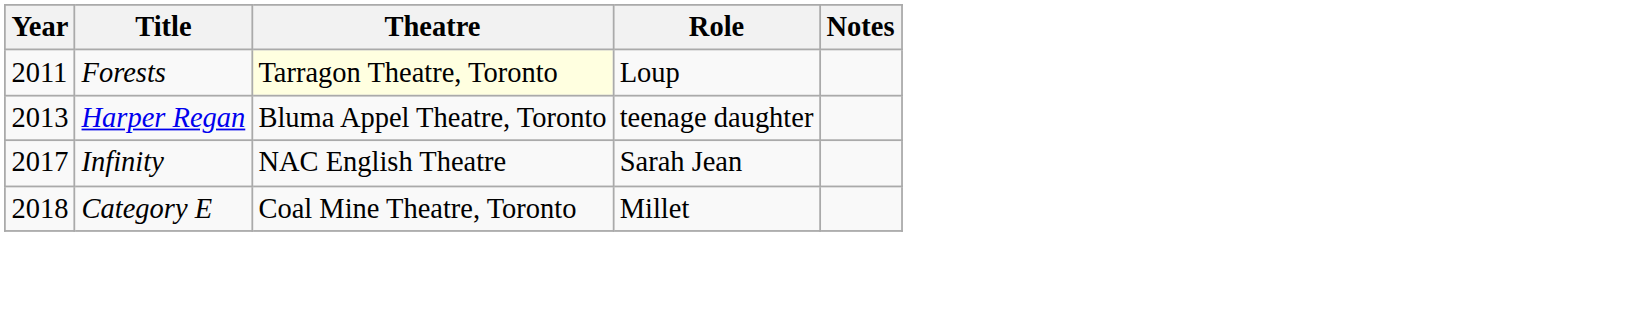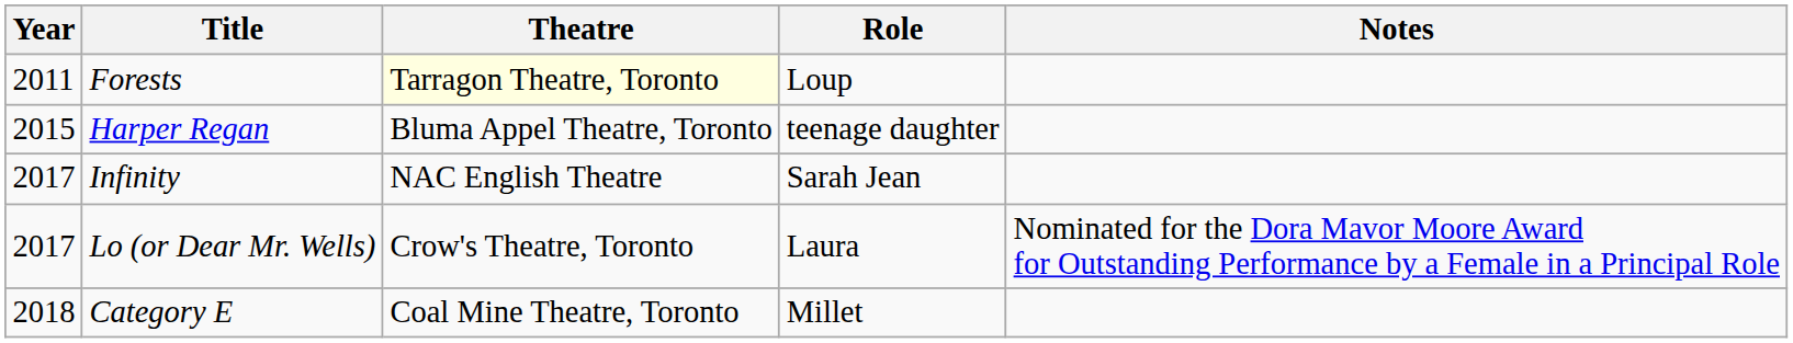 <table class="wikitable sortable">
 <tr>
 <th>Year</th>
 <th>Title</th>
 <th>Theatre</th>
 <th>Role</th>
 <th>Notes</th>
 </tr>
 <tr>
 <td>2011</td>
 <td><em>Forests</em></td>
 <td style="background: lightyellow;">Tarragon Theatre, Toronto</td>
 <td>Loup</td>
 <td></td>
 </tr>
 <tr>
-<td>2013</td>
+<td>2015</td>
 <td><em><a href='#'>Harper Regan</a></em></td>
 <td>Bluma Appel Theatre, Toronto</td>
 <td>teenage daughter</td>
 <td></td>
 </tr>
 <tr>
 <td>2017</td>
 <td><em>Infinity</em></td>
 <td>NAC English Theatre</td>
 <td>Sarah Jean</td>
 <td></td>
 </tr>
 <tr>
+<td>2017</td>
+<td><em>Lo (or Dear Mr. Wells)</em></td>
+<td>Crow's Theatre, Toronto</td>
+<td>Laura</td>
+<td>Nominated for the <a href='#'>Dora Mavor Moore Award<br>  for Outstanding Performance by a Female in a Principal Role</a></td>
+</tr>
+<tr>
 <td>2018</td>
 <td><em>Category E</em></td>
 <td>Coal Mine Theatre, Toronto</td>
 <td>Millet</td>
 <td></td>
 </tr>
 </table>
